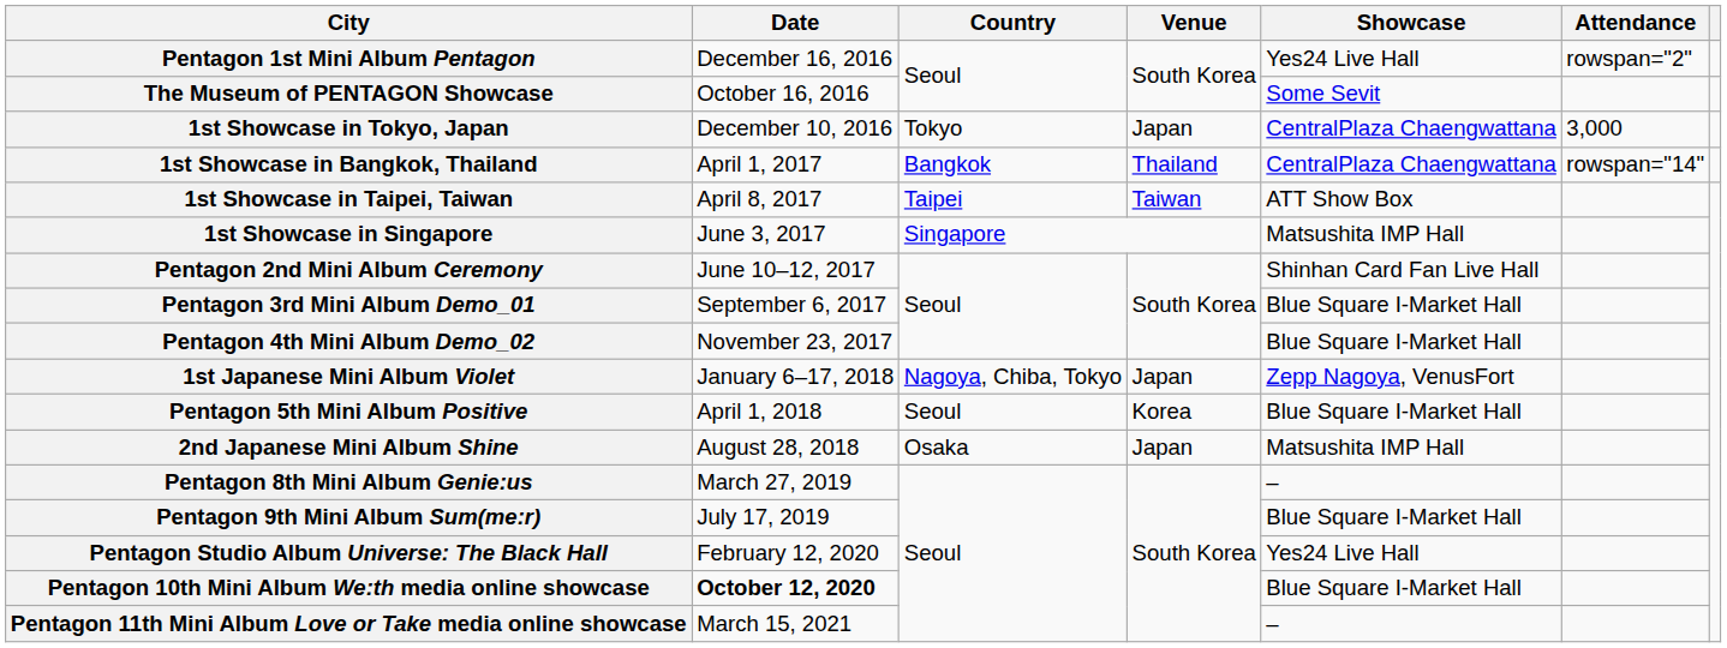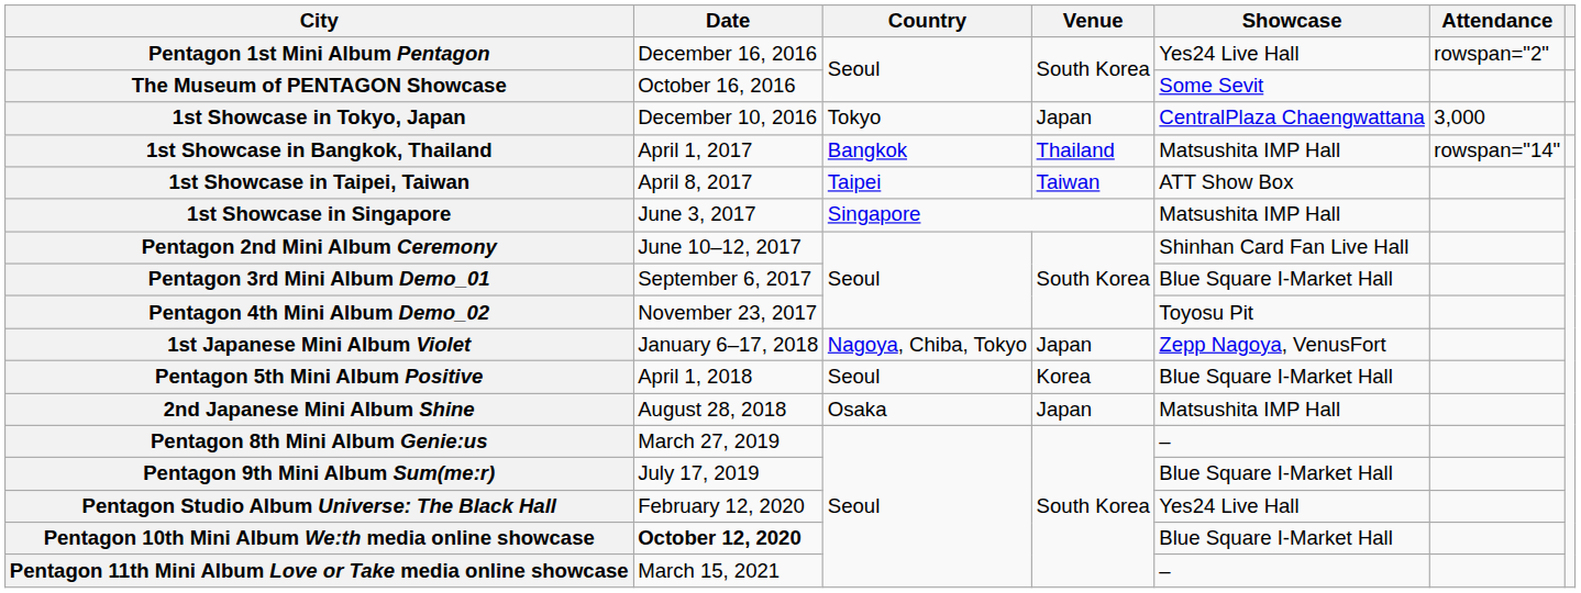 <table class="wikitable sortable plainrowheaders">
 <tr>
 <th>City</th>
 <th>Date</th>
 <th>Country</th>
 <th>Venue</th>
 <th>Showcase</th>
 <th>Attendance</th>
 <th></th>
 </tr>
 <tr>
 <th scope="row">Pentagon 1st Mini Album <em>Pentagon</em></th>
 <td>December 16, 2016</td>
 <td rowspan="2">Seoul</td>
 <td rowspan="2">South Korea</td>
 <td>Yes24 Live Hall</td>
 <td>rowspan="2" </td>
 <td></td>
 </tr>
 <tr>
 <th scope="row">The Museum of PENTAGON Showcase</th>
 <td>October 16, 2016</td>
 <td><a href='#'>Some Sevit</a></td>
 <td></td>
 </tr>
 <tr>
 <th scope="row">1st Showcase in Tokyo, Japan</th>
 <td>December 10, 2016</td>
 <td>Tokyo</td>
 <td>Japan</td>
 <td><a href='#'>CentralPlaza Chaengwattana</a></td>
 <td>3,000</td>
 <td></td>
 </tr>
 <tr>
 <th scope="row">1st Showcase in Bangkok, Thailand</th>
 <td>April 1, 2017</td>
 <td><a href='#'>Bangkok</a></td>
 <td><a href='#'>Thailand</a></td>
-<td><a href='#'>CentralPlaza Chaengwattana</a></td>
+<td>Matsushita IMP Hall</td>
 <td>rowspan="14" </td>
 <td></td>
 </tr>
 <tr>
 <th scope="row">1st Showcase in Taipei, Taiwan</th>
 <td>April 8, 2017</td>
 <td><a href='#'>Taipei</a></td>
 <td><a href='#'>Taiwan</a></td>
 <td>ATT Show Box</td>
 <td></td>
 </tr>
 <tr>
 <th scope="row">1st Showcase in Singapore</th>
 <td>June 3, 2017</td>
 <td colspan="2"><a href='#'>Singapore</a></td>
 <td>Matsushita IMP Hall</td>
 <td></td>
 </tr>
 <tr>
 <th scope="row">Pentagon 2nd Mini Album <em>Ceremony</em></th>
 <td>June 10–12, 2017</td>
 <td rowspan="3">Seoul</td>
 <td rowspan="3">South Korea</td>
 <td>Shinhan Card Fan Live Hall</td>
 <td></td>
 </tr>
 <tr>
 <th scope="row">Pentagon 3rd Mini Album <em>Demo_01</em></th>
 <td>September 6, 2017</td>
 <td>Blue Square I-Market Hall</td>
 <td></td>
 </tr>
 <tr>
 <th scope="row">Pentagon 4th Mini Album <em>Demo_02</em></th>
 <td>November 23, 2017</td>
-<td>Blue Square I-Market Hall</td>
+<td>Toyosu Pit</td>
 <td></td>
 </tr>
 <tr>
 <th scope="row">1st Japanese Mini Album <em>Violet</em></th>
 <td>January 6–17, 2018</td>
 <td><a href='#'>Nagoya</a>, Chiba, Tokyo</td>
 <td>Japan</td>
 <td><a href='#'>Zepp Nagoya</a>, VenusFort</td>
 <td></td>
 </tr>
 <tr>
 <th scope="row">Pentagon 5th Mini Album <em>Positive</em></th>
 <td>April 1, 2018</td>
 <td>Seoul</td>
 <td>Korea</td>
 <td>Blue Square I-Market Hall</td>
 <td></td>
 </tr>
 <tr>
 <th scope="row">2nd Japanese Mini Album <em>Shine</em></th>
 <td>August 28, 2018</td>
 <td>Osaka</td>
 <td>Japan</td>
 <td>Matsushita IMP Hall</td>
 <td></td>
 </tr>
 <tr>
 <th scope="row">Pentagon 8th Mini Album <em>Genie:us</em></th>
 <td>March 27, 2019</td>
 <td rowspan="5">Seoul</td>
 <td rowspan="5">South Korea</td>
 <td>–</td>
 <td></td>
 </tr>
 <tr>
 <th scope="row">Pentagon 9th Mini Album <em>Sum(me:r)</em></th>
 <td>July 17, 2019</td>
 <td>Blue Square I-Market Hall</td>
 <td></td>
 </tr>
 <tr>
 <th scope="row">Pentagon Studio Album <em>Universe: The Black Hall</em></th>
 <td>February 12, 2020</td>
 <td>Yes24 Live Hall</td>
 <td></td>
 </tr>
 <tr>
 <th scope="row">Pentagon 10th Mini Album <em>We:th</em> media online showcase</th>
 <td><strong>October 12, 2020</strong></td>
 <td>Blue Square I-Market Hall</td>
 <td></td>
 </tr>
 <tr>
 <th scope="row">Pentagon 11th Mini Album <em>Love or Take</em> media online showcase</th>
 <td>March 15, 2021</td>
 <td>–</td>
 <td></td>
 </tr>
 </table>
